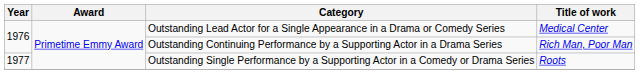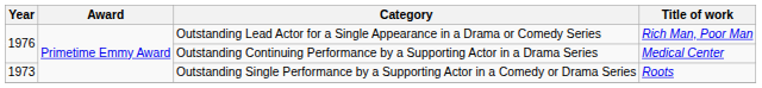 <table class="wikitable sortable">
 <tr>
 <th>Year</th>
 <th>Award</th>
 <th>Category</th>
 <th>Title of work</th>
 </tr>
 <tr>
 <td rowspan="2">1976</td>
 <td rowspan="3"><a href='#'>Primetime Emmy Award</a></td>
 <td>Outstanding Lead Actor for a Single Appearance in a Drama or Comedy Series</td>
+<td><em><a href='#'>Rich Man, Poor Man</a></em></td>
+</tr>
+<tr>
+<td>Outstanding Continuing Performance by a Supporting Actor in a Drama Series</td>
 <td><em><a href='#'>Medical Center</a></em> </td>
 </tr>
 <tr>
-<td>Outstanding Continuing Performance by a Supporting Actor in a Drama Series</td>
-<td><em><a href='#'>Rich Man, Poor Man</a></em></td>
-</tr>
-<tr>
-<td>1977</td>
+<td>1973</td>
 <td>Outstanding Single Performance by a Supporting Actor in a Comedy or Drama Series</td>
 <td><em><a href='#'>Roots</a></em> </td>
 </tr>
 <tr>
 </tr>
 </table>
